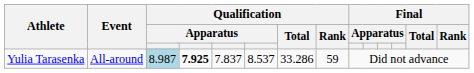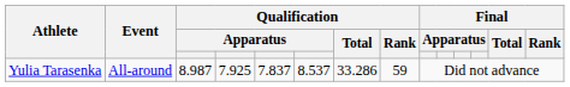 <table class="wikitable" style="font-size:90%">
 <tr>
 <th rowspan=3>Athlete</th>
 <th rowspan=3>Event</th>
 <th colspan=6>Qualification</th>
 <th colspan=6>Final</th>
 </tr>
 <tr style="font-size:95%">
 <th colspan=4>Apparatus</th>
 <th rowspan=2>Total</th>
 <th rowspan=2>Rank</th>
 <th colspan=4>Apparatus</th>
 <th rowspan=2>Total</th>
 <th rowspan=2>Rank</th>
 </tr>
 <tr style="font-size:95%">
 <th></th>
 <th></th>
 <th></th>
 <th></th>
 <th></th>
 <th></th>
 <th></th>
 <th></th>
 </tr>
 <tr align=center>
 <td align=left><a href='#'>Yulia Tarasenka</a></td>
 <td align=left><a href='#'>All-around</a></td>
-<td style="background: lightblue;">8.987</td>
-<td><strong>7.925</strong></td>
+<td>8.987</td>
+<td>7.925</td>
 <td>7.837</td>
 <td>8.537</td>
 <td>33.286</td>
 <td>59</td>
 <td colspan=6>Did not advance</td>
 </tr>
 </table>
